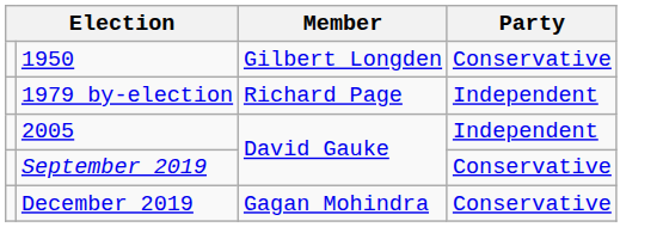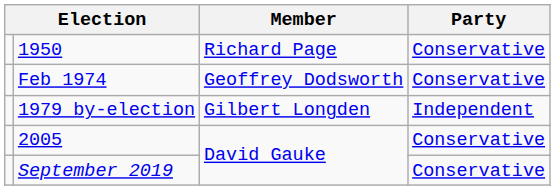 <table class="wikitable">
 <tr>
 <th colspan="2">Election</th>
 <th>Member</th>
 <th>Party</th>
 </tr>
 <tr>
 <td style="color:inherit;background-color: "></td>
 <td><a href='#'>1950</a></td>
-<td><a href='#'>Gilbert Longden</a></td>
+<td><a href='#'>Richard Page</a></td>
+<td><a href='#'>Conservative</a></td>
+</tr>
+<tr>
+<td style="color:inherit;background-color: "></td>
+<td><a href='#'>Feb 1974</a></td>
+<td><a href='#'>Geoffrey Dodsworth</a></td>
 <td><a href='#'>Conservative</a></td>
 </tr>
 <tr>
 <td style="color:inherit;background-color: "></td>
 <td><a href='#'>1979 by-election</a></td>
-<td><a href='#'>Richard Page</a></td>
+<td><a href='#'>Gilbert Longden</a></td>
 <td><a href='#'>Independent</a></td>
 </tr>
 <tr>
 <td style="color:inherit;background-color: "></td>
 <td><a href='#'>2005</a></td>
 <td rowspan="2"><a href='#'>David Gauke</a></td>
-<td><a href='#'>Independent</a></td>
+<td><a href='#'>Conservative</a></td>
 </tr>
 <tr>
 <td style="color:inherit;background-color: "></td>
 <td><em><a href='#'>September 2019</a></em></td>
 <td><a href='#'>Conservative</a></td>
 </tr>
-<tr>
-<td style="color:inherit;background-color: "></td>
-<td><a href='#'>December 2019</a></td>
-<td><a href='#'>Gagan Mohindra</a></td>
-<td><a href='#'>Conservative</a></td>
-</tr>
 </table>
